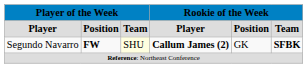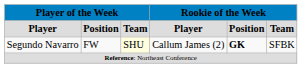 <table class="wikitable">
 <tr>
 <th colspan="3" style="background:#0081C4;"><span>Player of the Week</span></th>
 <th colspan="3" style="background:#0081C4;"><span>Rookie of the Week</span></th>
 </tr>
 <tr>
 <th style="background:#ddd;">Player</th>
 <th style="background:#ddd;">Position</th>
 <th style="background:#ddd;">Team</th>
 <th style="background:#ddd;">Player</th>
 <th style="background:#ddd;">Position</th>
 <th style="background:#ddd;">Team</th>
 </tr>
 <tr>
 <td>Segundo Navarro</td>
-<td><strong>FW</strong></td>
+<td>FW</td>
 <td ! style="background: lightyellow;">SHU</td>
-<td><strong>Callum James (2)</strong></td>
-<td>GK</td>
-<td !><strong>SFBK</strong></td>
+<td>Callum James (2)</td>
+<td><strong>GK</strong></td>
+<td !>SFBK</td>
 </tr>
 <tr>
 <td colspan="12"  style="font-size:8pt; text-align:center; background:#ddd;"><strong>Reference</strong>: Northeast Conference</td>
 </tr>
 </table>
